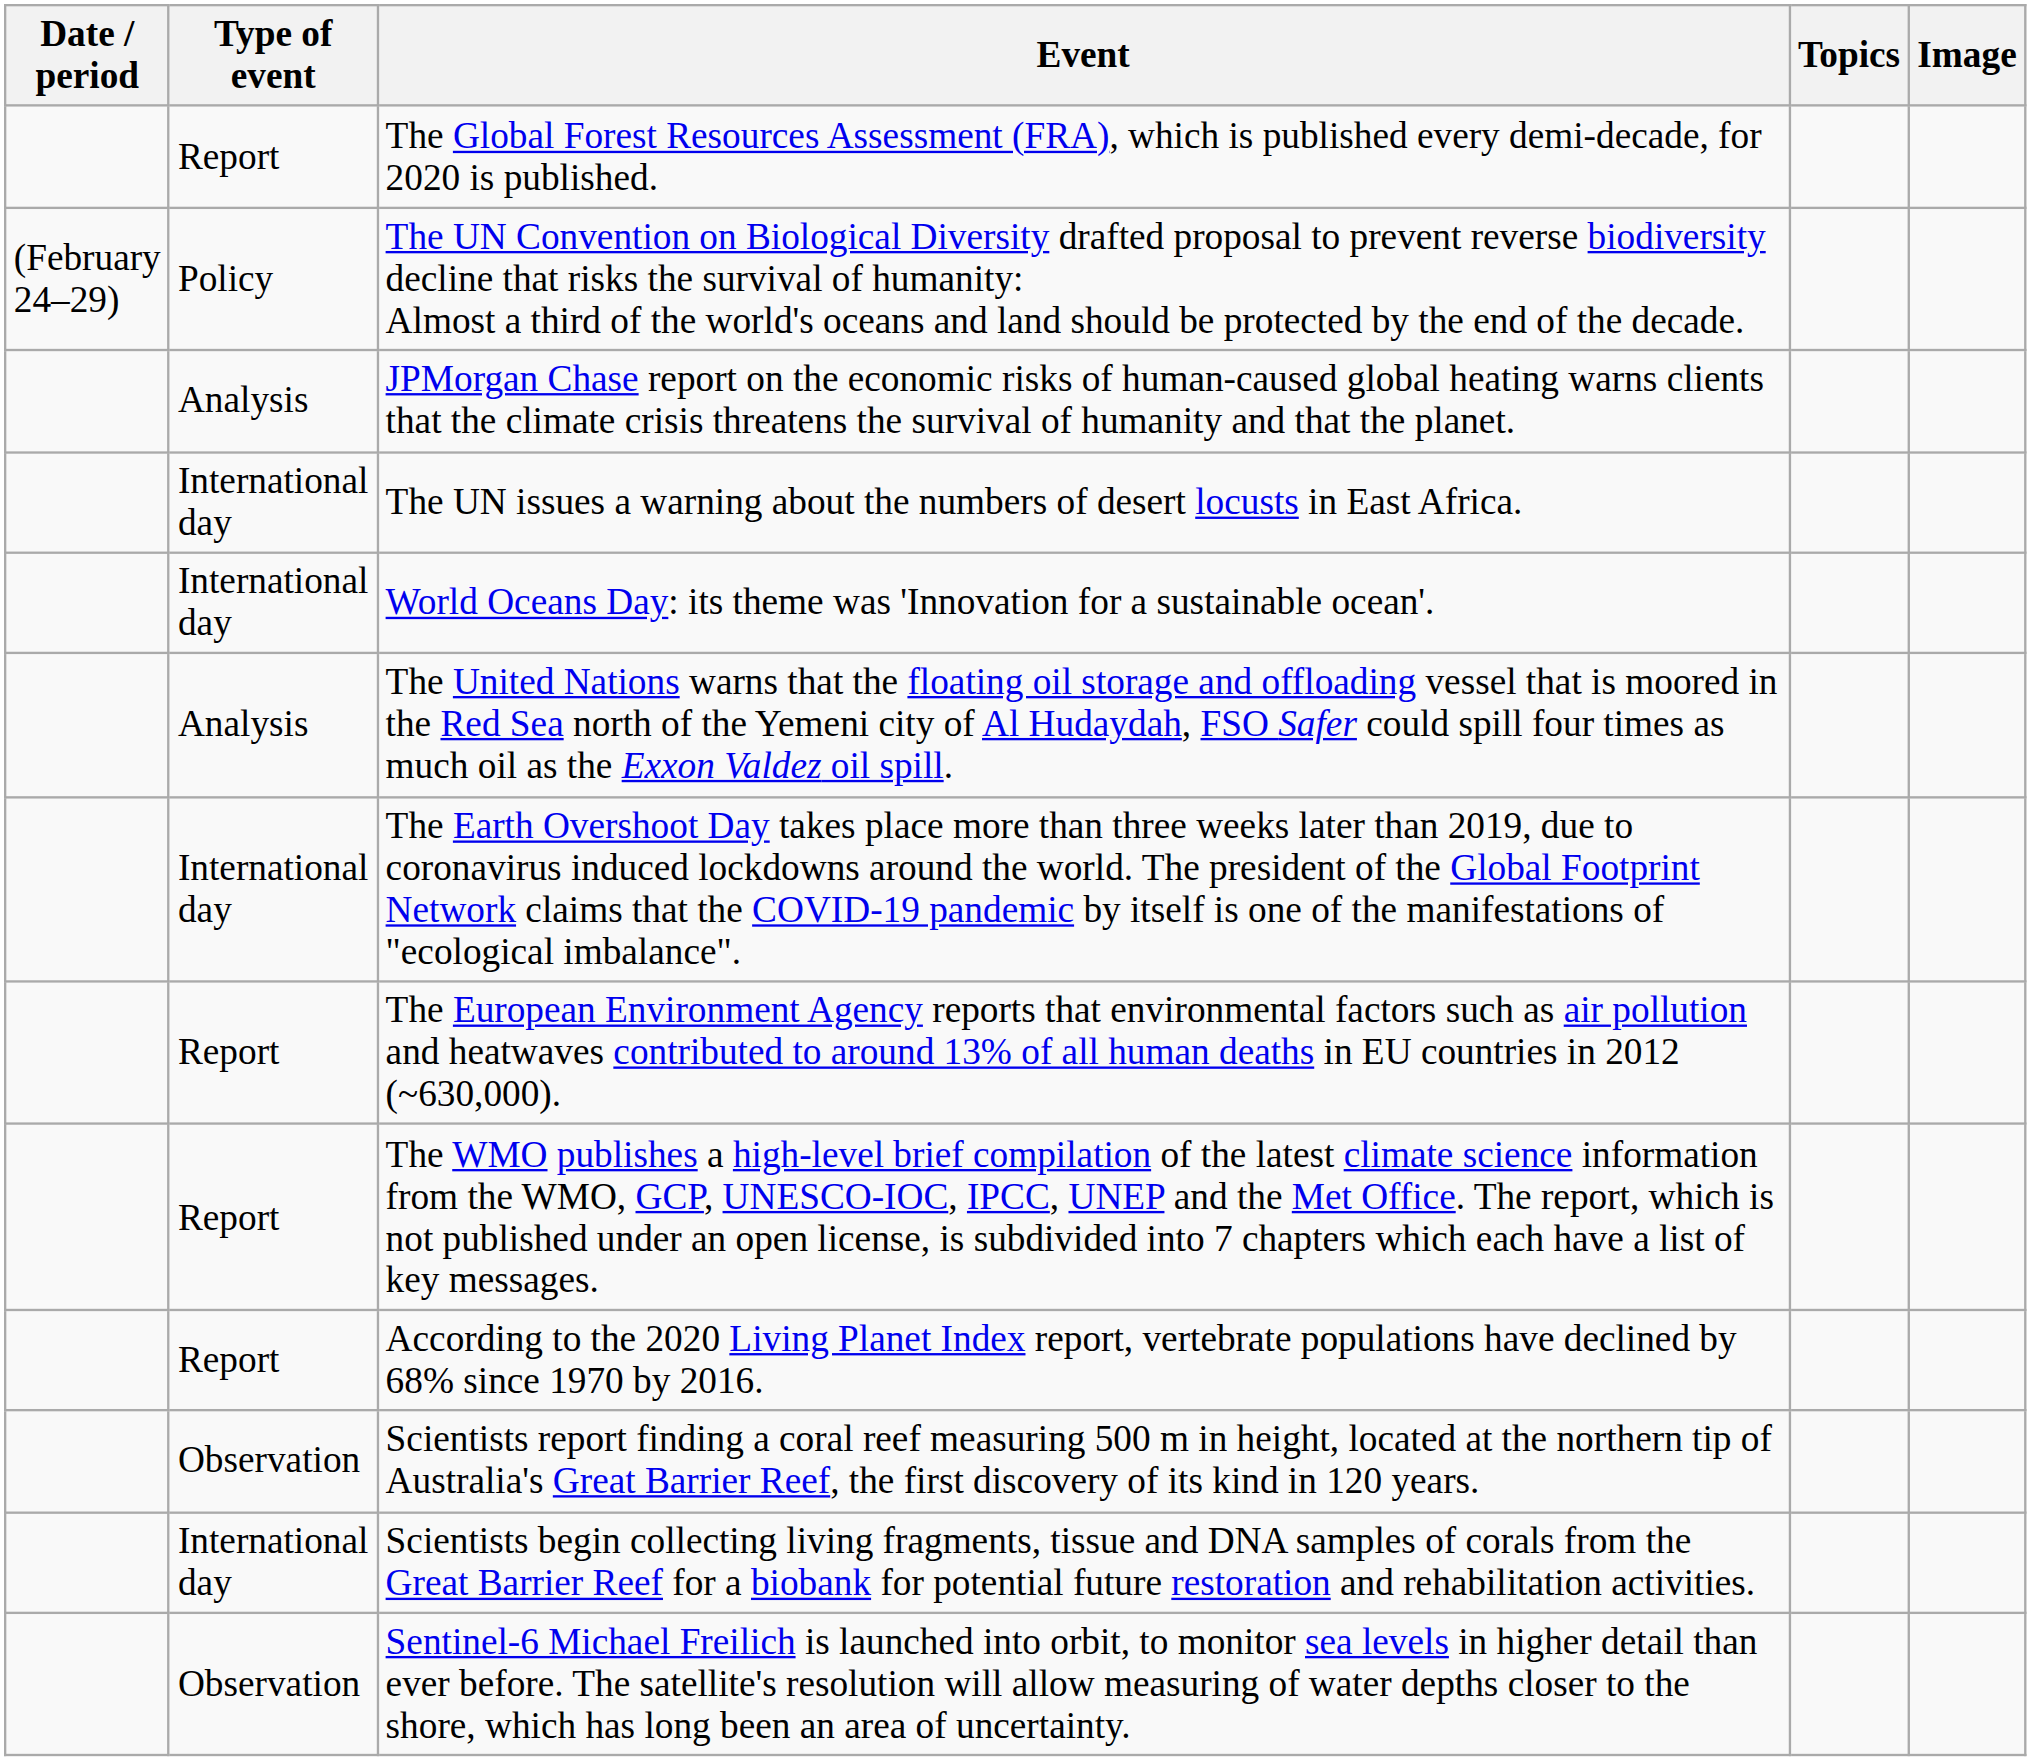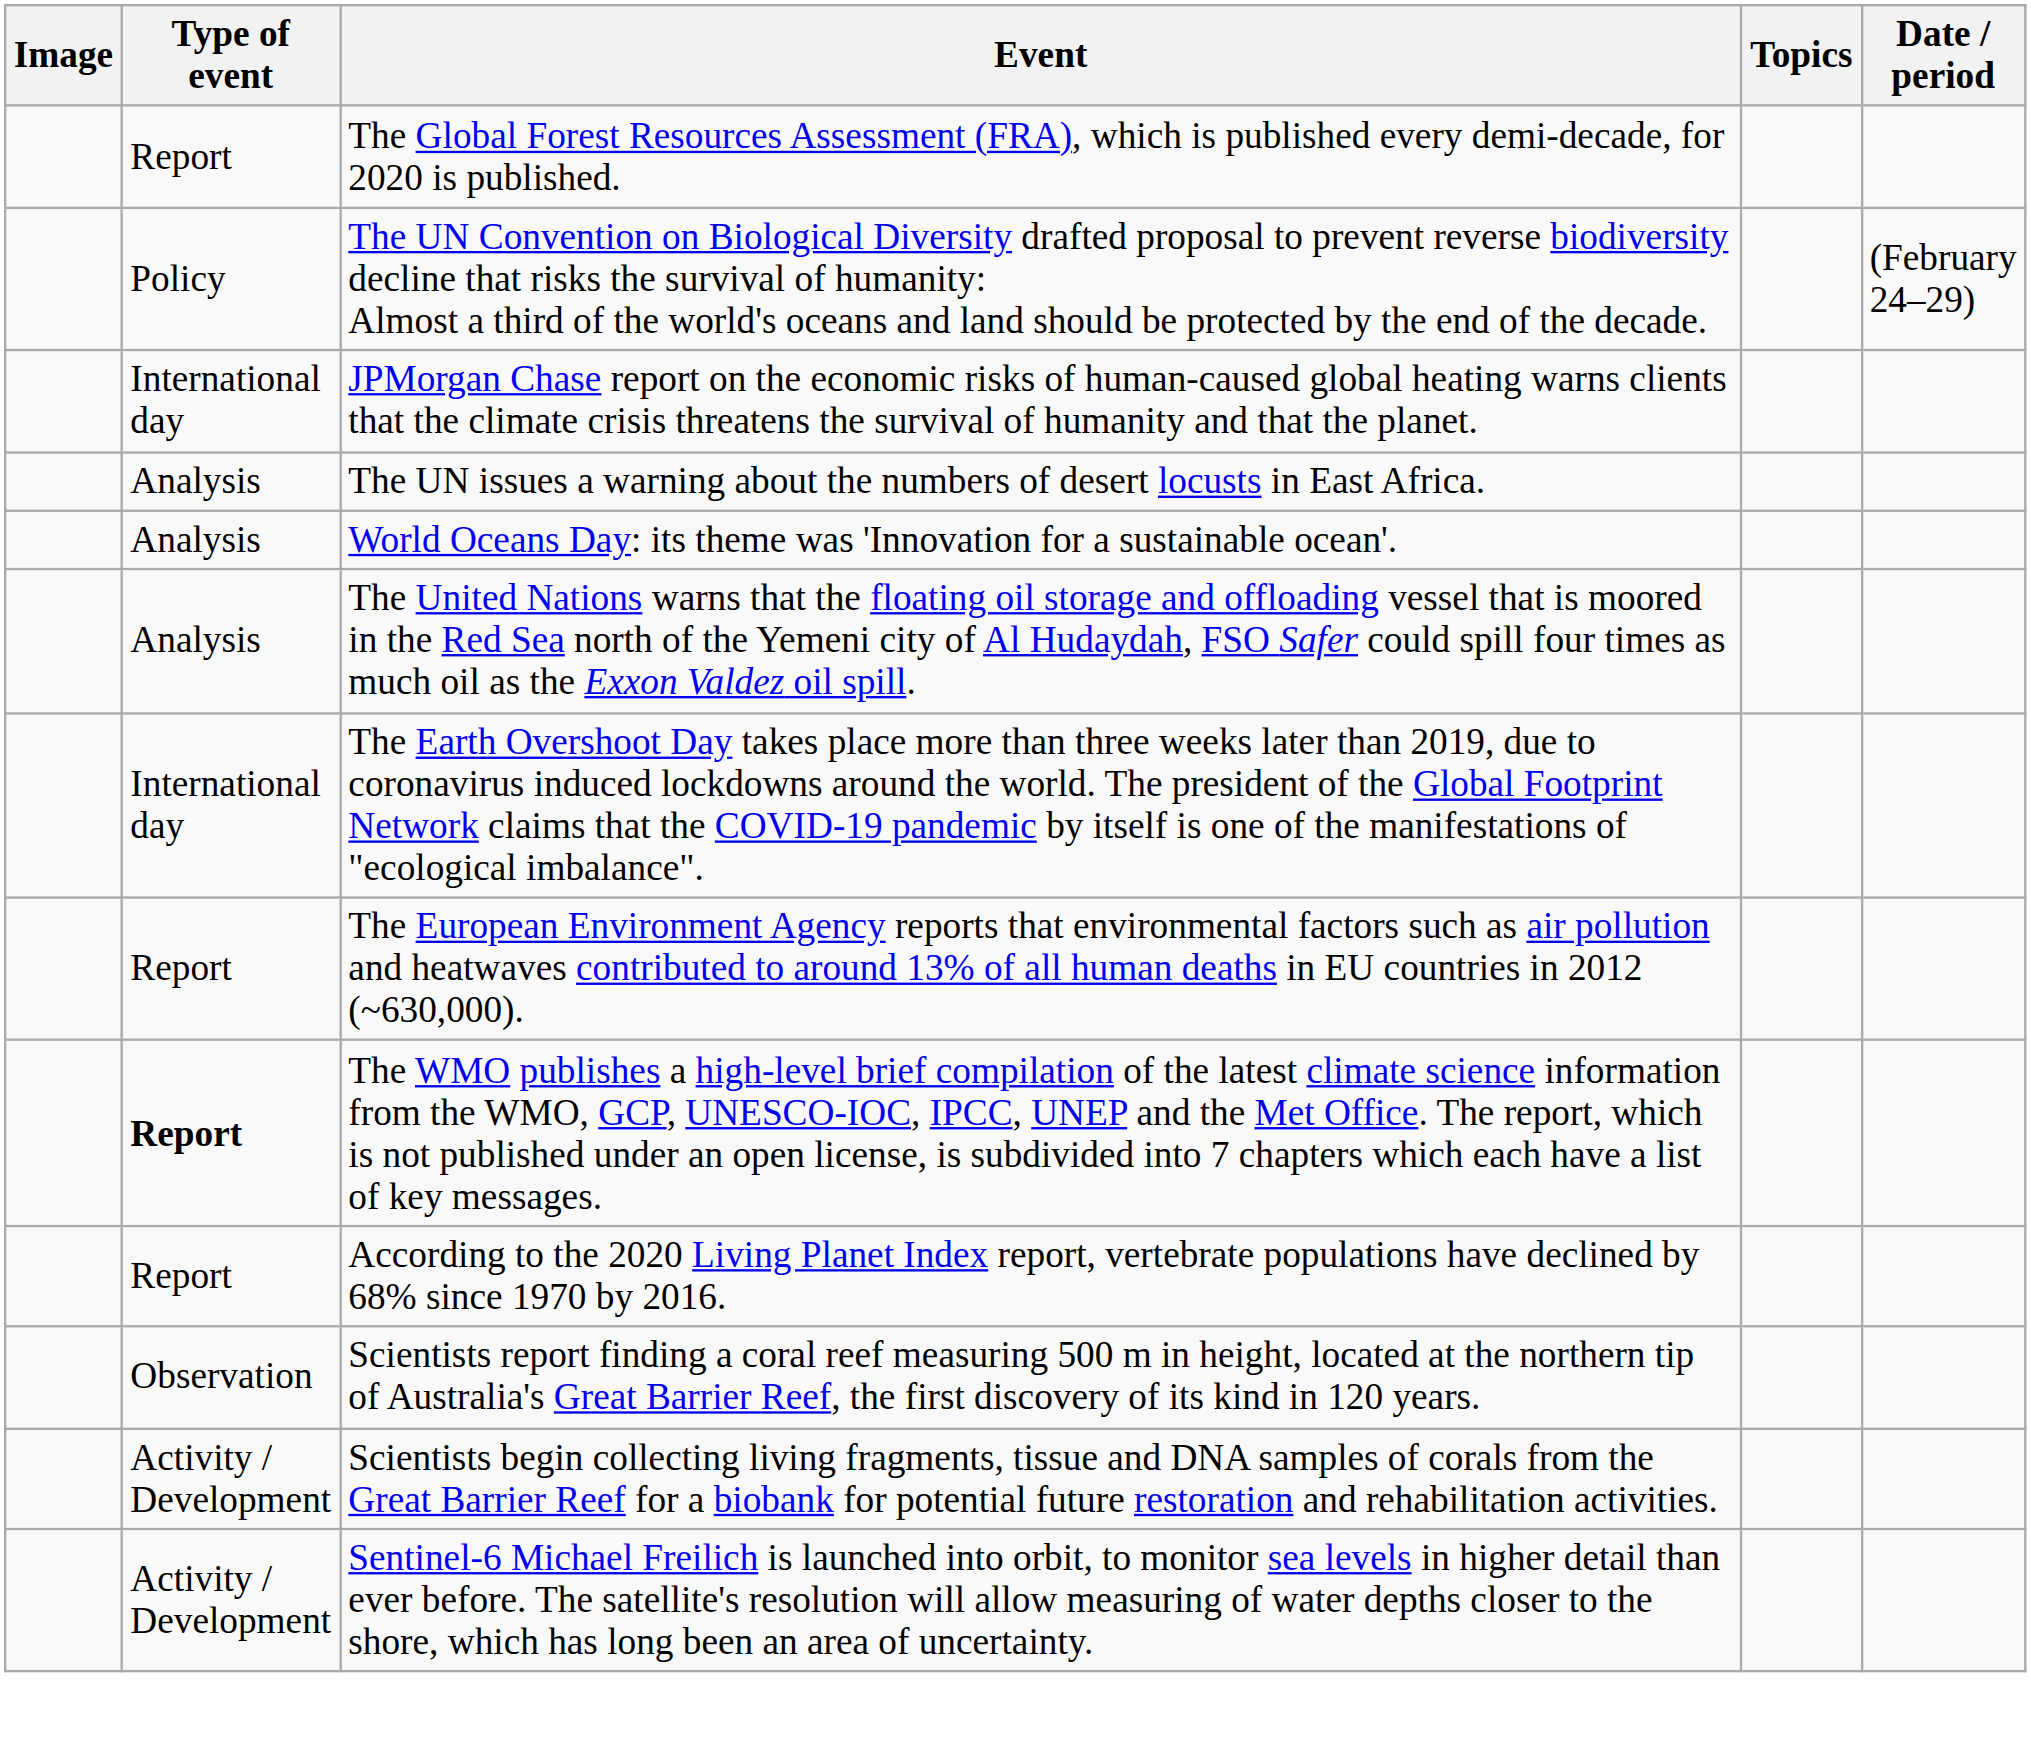 <table class="sortable wikitable">
 <tr>
-<th scope="col" width="20" style="width:5%;">Date / period</th>
+<th scope="col" width="3" style="width:3%;">Image</th>
 <th scope="col" width="30" style="width:10%;">Type of event</th>
 <th scope="col" width="30" style="width:80%;">Event</th>
 <th scope="col" width="3" style="width:2%;">Topics</th>
-<th scope="col" width="3" style="width:3%;">Image</th>
+<th scope="col" width="20" style="width:5%;">Date / period</th>
 </tr>
 <tr>
 <td></td>
 <td>Report</td>
 <td>The <a href='#'>Global Forest Resources Assessment (FRA)</a>, which is published every demi-decade, for 2020 is published.</td>
 <td></td>
 <td></td>
 </tr>
 <tr>
-<td> (February 24–29)</td>
+<td></td>
 <td>Policy</td>
 <td><a href='#'>The UN Convention on Biological Diversity</a> drafted proposal to prevent reverse <a href='#'>biodiversity</a> decline that risks the survival of humanity:<br>Almost a third of the world's oceans and land should be protected by the end of the decade.</td>
+<td></td>
+<td> (February 24–29)</td>
+</tr>
+<tr>
+<td></td>
+<td>International day</td>
+<td><a href='#'>JPMorgan Chase</a> report on the economic risks of human-caused global heating warns clients that the climate crisis threatens the survival of humanity and that the planet.</td>
 <td></td>
 <td></td>
 </tr>
 <tr>
 <td></td>
 <td>Analysis</td>
-<td><a href='#'>JPMorgan Chase</a> report on the economic risks of human-caused global heating warns clients that the climate crisis threatens the survival of humanity and that the planet.</td>
-<td></td>
-<td></td>
-</tr>
-<tr>
-<td></td>
-<td>International day</td>
 <td>The UN issues a warning about the numbers of desert <a href='#'>locusts</a> in East Africa.</td>
 <td></td>
 <td></td>
 </tr>
 <tr>
 <td></td>
-<td>International day</td>
+<td>Analysis</td>
 <td><a href='#'>World Oceans Day</a>: its theme was 'Innovation for a sustainable ocean'.</td>
 <td></td>
 <td></td>
 </tr>
 <tr>
 <td></td>
 <td>Analysis</td>
 <td>The <a href='#'>United Nations</a> warns that the <a href='#'>floating oil storage and offloading</a> vessel that is moored in the <a href='#'>Red Sea</a> north of the Yemeni city of <a href='#'>Al Hudaydah</a>, <a href='#'>FSO <em>Safer</em></a> could spill four times as much oil as the <a href='#'><em>Exxon Valdez</em> oil spill</a>.</td>
 <td></td>
 <td></td>
 </tr>
 <tr>
 <td></td>
 <td>International day</td>
 <td>The <a href='#'>Earth Overshoot Day</a> takes place more than three weeks later than 2019, due to coronavirus induced lockdowns around the world. The president of the <a href='#'>Global Footprint Network</a> claims that the <a href='#'>COVID-19 pandemic</a> by itself is one of the manifestations of "ecological imbalance".</td>
 <td></td>
 <td></td>
 </tr>
 <tr>
 <td></td>
 <td>Report</td>
 <td>The <a href='#'>European Environment Agency</a> reports that environmental factors such as <a href='#'>air pollution</a> and heatwaves <a href='#'>contributed to around 13% of all human deaths</a> in EU countries in 2012 (~630,000).</td>
 <td></td>
 <td></td>
 </tr>
 <tr>
 <td></td>
-<td>Report</td>
+<td><strong>Report</strong></td>
 <td>The <a href='#'>WMO</a> <a href='#'>publishes</a> a <a href='#'>high-level brief compilation</a> of the latest <a href='#'>climate science</a> information from the WMO, <a href='#'>GCP</a>, <a href='#'>UNESCO-IOC</a>, <a href='#'>IPCC</a>, <a href='#'>UNEP</a> and the <a href='#'>Met Office</a>. The report, which is not published under an open license, is subdivided into 7 chapters which each have a list of key messages.</td>
 <td></td>
 <td></td>
 </tr>
 <tr>
 <td></td>
 <td>Report</td>
 <td>According to the 2020 <a href='#'>Living Planet Index</a> report, vertebrate populations have declined by 68% since 1970 by 2016.</td>
 <td></td>
 <td></td>
 </tr>
 <tr>
 <td></td>
 <td>Observation</td>
 <td>Scientists report finding a coral reef measuring 500 m in height, located at the northern tip of Australia's <a href='#'>Great Barrier Reef</a>, the first discovery of its kind in 120 years.</td>
 <td></td>
 <td></td>
 </tr>
 <tr>
 <td></td>
-<td>International day</td>
+<td>Activity / Development</td>
 <td>Scientists begin collecting living fragments, tissue and DNA samples of corals from the <a href='#'>Great Barrier Reef</a> for a <a href='#'>biobank</a> for potential future <a href='#'>restoration</a> and rehabilitation activities.</td>
 <td></td>
 <td></td>
 </tr>
 <tr>
 <td></td>
-<td>Observation</td>
+<td>Activity / Development</td>
 <td><a href='#'>Sentinel-6 Michael Freilich</a> is launched into orbit, to monitor <a href='#'>sea levels</a> in higher detail than ever before. The satellite's resolution will allow measuring of water depths closer to the shore, which has long been an area of uncertainty.</td>
 <td></td>
 <td></td>
 </tr>
 </table>
